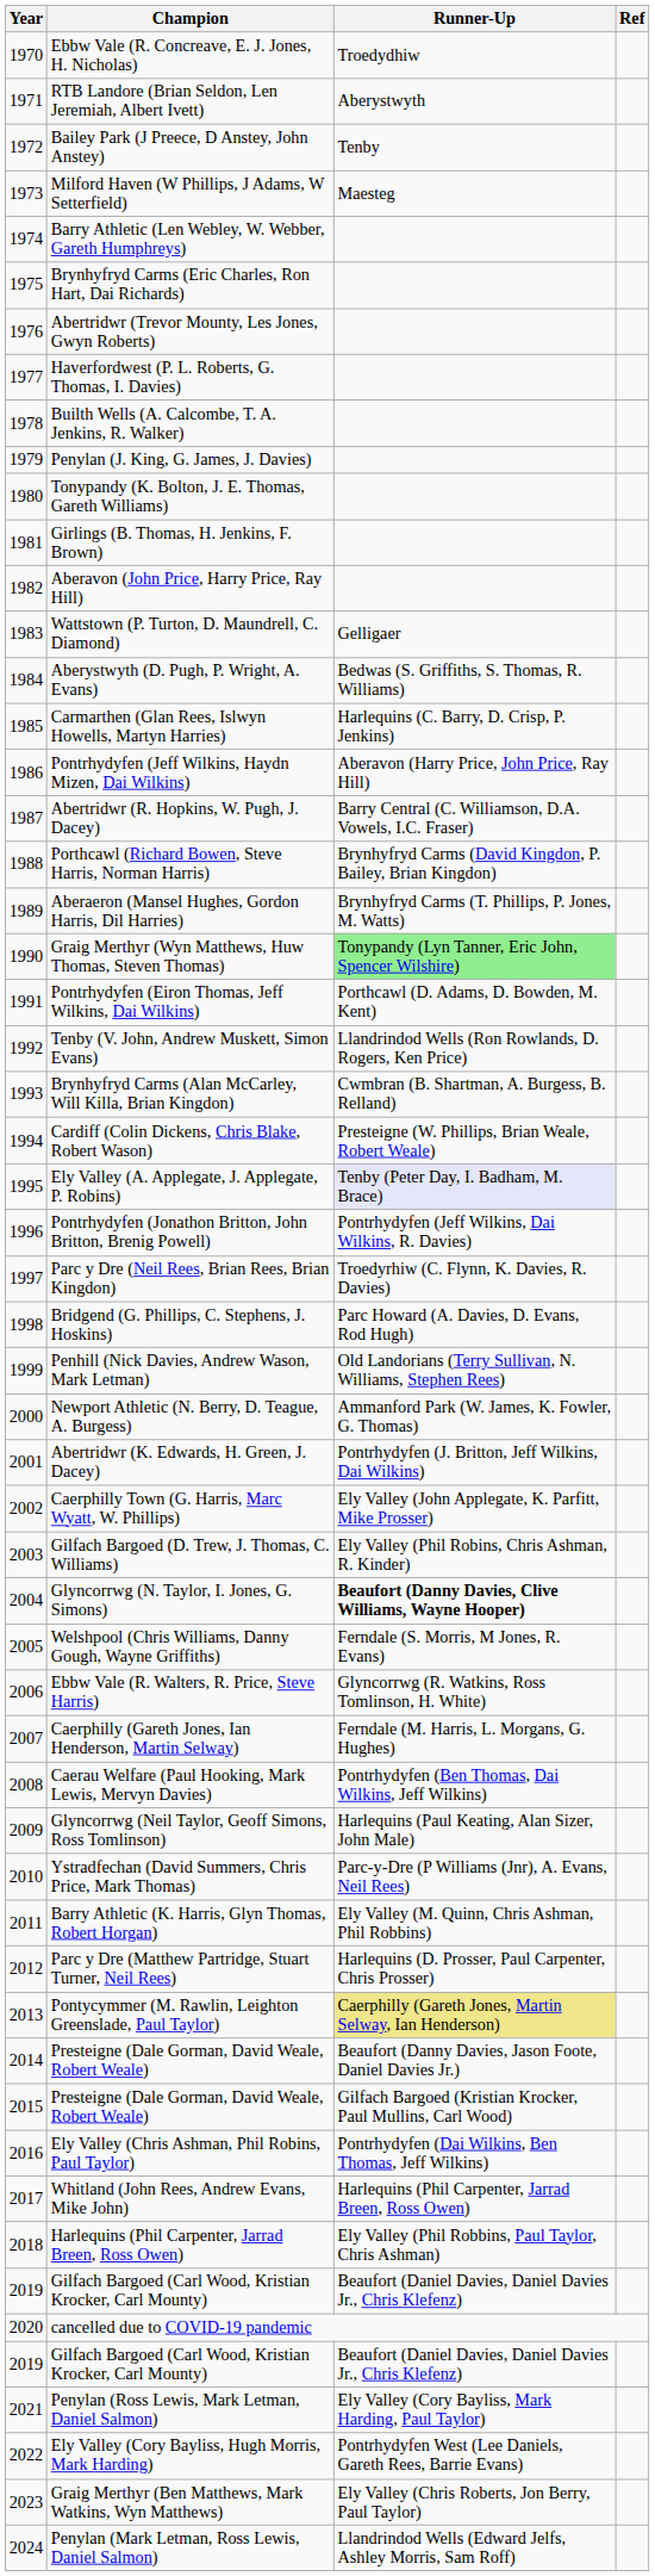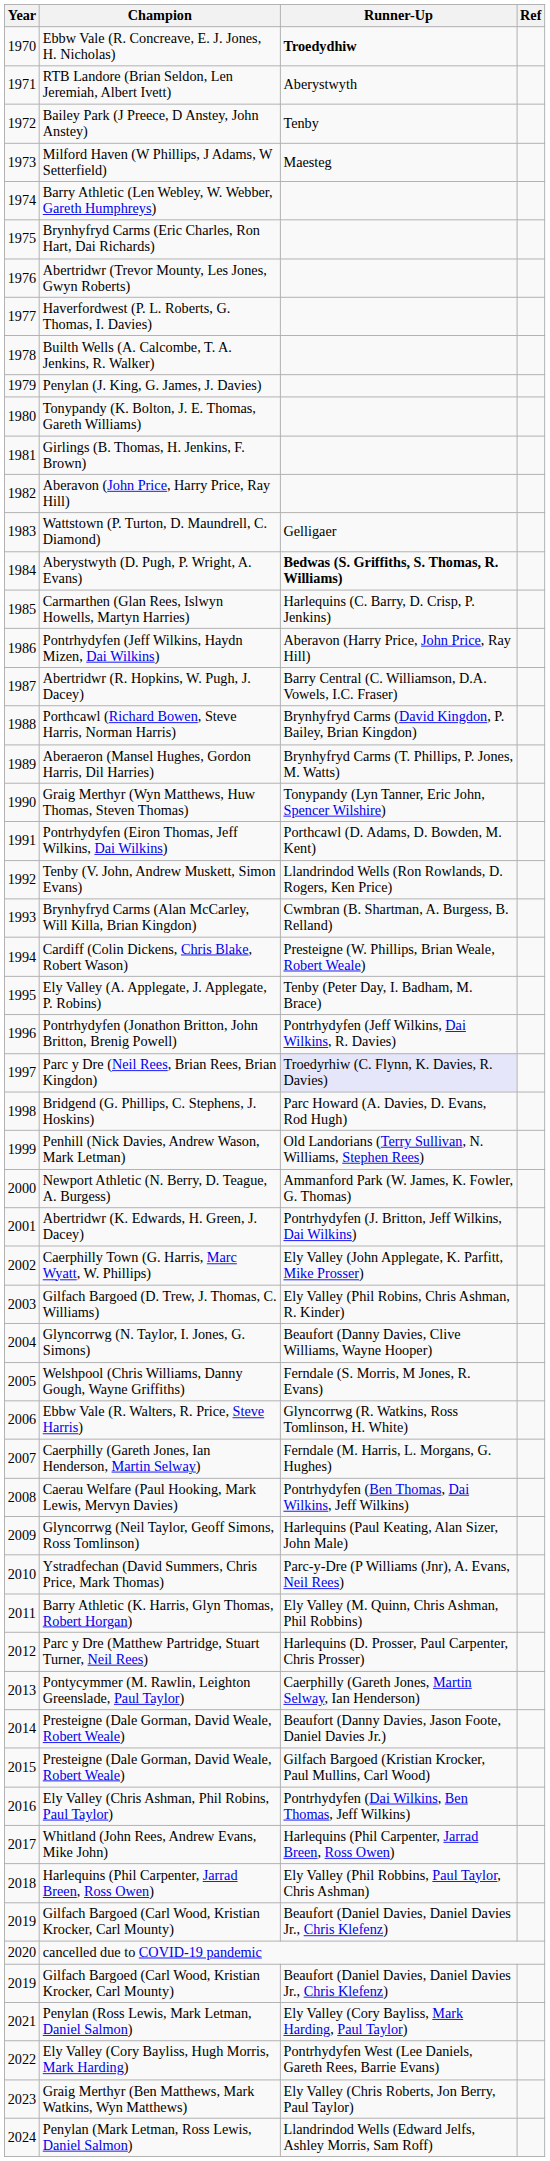 <table class="wikitable">
 <tr>
 <th width="30">Year</th>
 <th width="500">Champion</th>
 <th width="500">Runner-Up</th>
 <th width="20">Ref</th>
 </tr>
 <tr>
 <td align=center>1970</td>
 <td>Ebbw Vale (R. Concreave, E. J. Jones, H. Nicholas)</td>
-<td>Troedydhiw</td>
+<td><strong>Troedydhiw</strong></td>
 <td></td>
 </tr>
 <tr>
 <td align=center>1971</td>
 <td>RTB Landore (Brian Seldon, Len Jeremiah, Albert Ivett)</td>
 <td>Aberystwyth</td>
 <td></td>
 </tr>
 <tr>
 <td align=center>1972</td>
 <td>Bailey Park (J Preece, D Anstey, John Anstey)</td>
 <td>Tenby</td>
 <td></td>
 </tr>
 <tr>
 <td align=center>1973</td>
 <td>Milford Haven (W Phillips, J Adams, W Setterfield)</td>
 <td>Maesteg</td>
 <td></td>
 </tr>
 <tr>
 <td align=center>1974</td>
 <td>Barry Athletic (Len Webley, W. Webber, <a href='#'>Gareth Humphreys</a>)</td>
 <td></td>
 <td></td>
 </tr>
 <tr>
 <td align=center>1975</td>
 <td>Brynhyfryd Carms (Eric Charles, Ron Hart, Dai Richards)</td>
 <td></td>
 <td></td>
 </tr>
 <tr>
 <td align=center>1976</td>
 <td>Abertridwr (Trevor Mounty, Les Jones, Gwyn Roberts)</td>
 <td></td>
 <td></td>
 </tr>
 <tr>
 <td align=center>1977</td>
 <td>Haverfordwest (P. L. Roberts, G. Thomas, I. Davies)</td>
 <td></td>
 <td></td>
 </tr>
 <tr>
 <td align=center>1978</td>
 <td>Builth Wells (A. Calcombe, T. A. Jenkins, R. Walker)</td>
 <td></td>
 <td></td>
 </tr>
 <tr>
 <td align=center>1979</td>
 <td>Penylan (J. King, G. James, J. Davies)</td>
 <td></td>
 <td></td>
 </tr>
 <tr>
 <td align=center>1980</td>
 <td>Tonypandy (K. Bolton, J. E. Thomas, Gareth Williams)</td>
 <td></td>
 <td></td>
 </tr>
 <tr>
 <td align=center>1981</td>
 <td>Girlings (B. Thomas, H. Jenkins, F. Brown)</td>
 <td></td>
 <td></td>
 </tr>
 <tr>
 <td align=center>1982</td>
 <td>Aberavon (<a href='#'>John Price</a>, Harry Price, Ray Hill)</td>
 <td></td>
 <td></td>
 </tr>
 <tr>
 <td align=center>1983</td>
 <td>Wattstown (P. Turton, D. Maundrell, C. Diamond)</td>
 <td>Gelligaer</td>
 <td></td>
 </tr>
 <tr>
 <td align=center>1984</td>
 <td>Aberystwyth (D. Pugh, P. Wright, A. Evans)</td>
-<td>Bedwas (S. Griffiths, S. Thomas, R. Williams)</td>
+<td><strong>Bedwas (S. Griffiths, S. Thomas, R. Williams)</strong></td>
 <td></td>
 </tr>
 <tr>
 <td align=center>1985</td>
 <td>Carmarthen (Glan Rees, Islwyn Howells, Martyn Harries)</td>
 <td>Harlequins (C. Barry, D. Crisp, P. Jenkins)</td>
 <td></td>
 </tr>
 <tr>
 <td align=center>1986</td>
 <td>Pontrhydyfen (Jeff Wilkins, Haydn Mizen, <a href='#'>Dai Wilkins</a>)</td>
 <td>Aberavon (Harry Price, <a href='#'>John Price</a>, Ray Hill)</td>
 <td></td>
 </tr>
 <tr>
 <td align=center>1987</td>
 <td>Abertridwr (R. Hopkins, W. Pugh, J. Dacey)</td>
 <td>Barry Central (C. Williamson, D.A. Vowels, I.C. Fraser)</td>
 <td></td>
 </tr>
 <tr>
 <td align=center>1988</td>
 <td>Porthcawl (<a href='#'>Richard Bowen</a>, Steve Harris, Norman Harris)</td>
 <td>Brynhyfryd Carms (<a href='#'>David Kingdon</a>, P. Bailey, Brian Kingdon)</td>
 <td></td>
 </tr>
 <tr>
 <td align=center>1989</td>
 <td>Aberaeron (Mansel Hughes, Gordon Harris, Dil Harries)</td>
 <td>Brynhyfryd Carms (T. Phillips, P. Jones, M. Watts)</td>
 <td></td>
 </tr>
 <tr>
 <td align=center>1990</td>
 <td>Graig Merthyr (Wyn Matthews, Huw Thomas, Steven Thomas)</td>
-<td style="background: lightgreen;">Tonypandy (Lyn Tanner, Eric John, <a href='#'>Spencer Wilshire</a>)</td>
+<td>Tonypandy (Lyn Tanner, Eric John, <a href='#'>Spencer Wilshire</a>)</td>
 <td></td>
 </tr>
 <tr>
 <td align=center>1991</td>
 <td>Pontrhydyfen (Eiron Thomas, Jeff Wilkins, <a href='#'>Dai Wilkins</a>)</td>
 <td>Porthcawl (D. Adams, D. Bowden, M. Kent)</td>
 <td></td>
 </tr>
 <tr>
 <td align=center>1992</td>
 <td>Tenby (V. John, Andrew Muskett, Simon Evans)</td>
 <td>Llandrindod Wells (Ron Rowlands, D. Rogers, Ken Price)</td>
 <td></td>
 </tr>
 <tr>
 <td align=center>1993</td>
 <td>Brynhyfryd Carms (Alan McCarley, Will Killa, Brian Kingdon)</td>
 <td>Cwmbran (B. Shartman, A. Burgess, B. Relland)</td>
 <td></td>
 </tr>
 <tr>
 <td align=center>1994</td>
 <td>Cardiff (Colin Dickens, <a href='#'>Chris Blake</a>, Robert Wason)</td>
 <td>Presteigne (W. Phillips, Brian Weale, <a href='#'>Robert Weale</a>)</td>
 <td></td>
 </tr>
 <tr>
 <td align=center>1995</td>
 <td>Ely Valley (A. Applegate, J. Applegate, P. Robins)</td>
-<td style="background: lavender;">Tenby (Peter Day, I. Badham, M. Brace)</td>
+<td>Tenby (Peter Day, I. Badham, M. Brace)</td>
 <td></td>
 </tr>
 <tr>
 <td align=center>1996</td>
 <td>Pontrhydyfen (Jonathon Britton, John Britton, Brenig Powell)</td>
 <td>Pontrhydyfen (Jeff Wilkins, <a href='#'>Dai Wilkins</a>, R. Davies)</td>
 <td></td>
 </tr>
 <tr>
 <td align=center>1997</td>
 <td>Parc y Dre (<a href='#'>Neil Rees</a>, Brian Rees, Brian Kingdon)</td>
-<td>Troedyrhiw (C. Flynn, K. Davies, R. Davies)</td>
+<td style="background: lavender;">Troedyrhiw (C. Flynn, K. Davies, R. Davies)</td>
 <td></td>
 </tr>
 <tr>
 <td align=center>1998</td>
 <td>Bridgend (G. Phillips, C. Stephens, J. Hoskins)</td>
 <td>Parc Howard (A. Davies, D. Evans, Rod Hugh)</td>
 <td></td>
 </tr>
 <tr>
 <td align=center>1999</td>
 <td>Penhill (Nick Davies, Andrew Wason, Mark Letman)</td>
 <td>Old Landorians (<a href='#'>Terry Sullivan</a>, N. Williams, <a href='#'>Stephen Rees</a>)</td>
 <td></td>
 </tr>
 <tr>
 <td align=center>2000</td>
 <td>Newport Athletic (N. Berry, D. Teague, A. Burgess)</td>
 <td>Ammanford Park (W. James, K. Fowler, G. Thomas)</td>
 <td></td>
 </tr>
 <tr>
 <td align=center>2001</td>
 <td>Abertridwr (K. Edwards, H. Green, J. Dacey)</td>
 <td>Pontrhydyfen (J. Britton, Jeff Wilkins, <a href='#'>Dai Wilkins</a>)</td>
 <td></td>
 </tr>
 <tr>
 <td align=center>2002</td>
 <td>Caerphilly Town (G. Harris, <a href='#'>Marc Wyatt</a>, W. Phillips)</td>
 <td>Ely Valley (John Applegate, K. Parfitt, <a href='#'>Mike Prosser</a>)</td>
 <td></td>
 </tr>
 <tr>
 <td align=center>2003</td>
 <td>Gilfach Bargoed  (D. Trew, J. Thomas, C. Williams)</td>
 <td>Ely Valley (Phil Robins, Chris Ashman, R. Kinder)</td>
 <td></td>
 </tr>
 <tr>
 <td align=center>2004</td>
 <td>Glyncorrwg (N. Taylor, I. Jones, G. Simons)</td>
-<td><strong>Beaufort (Danny Davies, Clive Williams, Wayne Hooper)</strong></td>
+<td>Beaufort (Danny Davies, Clive Williams, Wayne Hooper)</td>
 <td></td>
 </tr>
 <tr>
 <td align=center>2005</td>
 <td>Welshpool (Chris Williams, Danny Gough, Wayne Griffiths)</td>
 <td>Ferndale  (S. Morris, M Jones, R. Evans)</td>
 <td></td>
 </tr>
 <tr>
 <td align=center>2006</td>
 <td>Ebbw Vale (R. Walters, R. Price, <a href='#'>Steve Harris</a>)</td>
 <td>Glyncorrwg (R. Watkins, Ross Tomlinson, H. White)</td>
 <td></td>
 </tr>
 <tr>
 <td align=center>2007</td>
 <td>Caerphilly (Gareth Jones, Ian Henderson, <a href='#'>Martin Selway</a>)</td>
 <td>Ferndale (M. Harris, L. Morgans, G. Hughes)</td>
 <td></td>
 </tr>
 <tr>
 <td align=center>2008</td>
 <td>Caerau Welfare (Paul Hooking, Mark Lewis, Mervyn Davies)</td>
 <td>Pontrhydyfen (<a href='#'>Ben Thomas</a>, <a href='#'>Dai Wilkins</a>, Jeff Wilkins)</td>
 <td></td>
 </tr>
 <tr>
 <td align=center>2009</td>
 <td>Glyncorrwg (Neil Taylor, Geoff Simons, Ross Tomlinson)</td>
 <td>Harlequins (Paul Keating, Alan Sizer, John Male)</td>
 <td></td>
 </tr>
 <tr>
 <td align=center>2010</td>
 <td>Ystradfechan (David Summers, Chris Price, Mark Thomas)</td>
 <td>Parc-y-Dre (P Williams (Jnr), A. Evans, <a href='#'>Neil Rees</a>)</td>
 <td></td>
 </tr>
 <tr>
 <td align=center>2011</td>
 <td>Barry Athletic (K. Harris, Glyn Thomas, <a href='#'>Robert Horgan</a>)</td>
 <td>Ely Valley (M. Quinn, Chris Ashman, Phil Robbins)</td>
 <td></td>
 </tr>
 <tr>
 <td align=center>2012</td>
 <td>Parc y Dre (Matthew Partridge, Stuart Turner, <a href='#'>Neil Rees</a>)</td>
 <td>Harlequins (D. Prosser, Paul Carpenter, Chris Prosser)</td>
 <td></td>
 </tr>
 <tr>
 <td align=center>2013</td>
 <td>Pontycymmer (M. Rawlin, Leighton Greenslade, <a href='#'>Paul Taylor</a>)</td>
-<td style="background: khaki;">Caerphilly (Gareth Jones, <a href='#'>Martin Selway</a>, Ian Henderson)</td>
+<td>Caerphilly (Gareth Jones, <a href='#'>Martin Selway</a>, Ian Henderson)</td>
 <td></td>
 </tr>
 <tr>
 <td align=center>2014</td>
 <td>Presteigne (Dale Gorman, David Weale, <a href='#'>Robert Weale</a>)</td>
 <td>Beaufort (Danny Davies, Jason Foote, Daniel Davies Jr.)</td>
 <td></td>
 </tr>
 <tr>
 <td align=center>2015</td>
 <td>Presteigne (Dale Gorman, David Weale, <a href='#'>Robert Weale</a>)</td>
 <td>Gilfach Bargoed (Kristian Krocker, Paul Mullins, Carl Wood)</td>
 <td></td>
 </tr>
 <tr>
 <td align=center>2016</td>
 <td>Ely Valley (Chris Ashman, Phil Robins, <a href='#'>Paul Taylor</a>)</td>
 <td>Pontrhydyfen (<a href='#'>Dai Wilkins</a>, <a href='#'>Ben Thomas</a>, Jeff Wilkins)</td>
 <td></td>
 </tr>
 <tr>
 <td align=center>2017</td>
 <td>Whitland (John Rees, Andrew Evans, Mike John)</td>
 <td>Harlequins (Phil Carpenter, <a href='#'>Jarrad Breen</a>, <a href='#'>Ross Owen</a>)</td>
 <td></td>
 </tr>
 <tr>
 <td align=center>2018</td>
 <td>Harlequins (Phil Carpenter, <a href='#'>Jarrad Breen</a>, <a href='#'>Ross Owen</a>)</td>
 <td>Ely Valley (Phil Robbins, <a href='#'>Paul Taylor</a>, Chris Ashman)</td>
 <td></td>
 </tr>
 <tr>
 <td align=center>2019</td>
 <td>Gilfach Bargoed  (Carl Wood, Kristian Krocker, Carl Mounty)</td>
 <td>Beaufort (Daniel Davies, Daniel Davies Jr., <a href='#'>Chris Klefenz</a>)</td>
 <td></td>
 </tr>
 <tr>
 <td align=center>2020</td>
 <td colspan=3>cancelled due to  <a href='#'>COVID-19 pandemic</a></td>
 </tr>
 <tr>
 <td align=center>2019</td>
 <td>Gilfach Bargoed  (Carl Wood, Kristian Krocker, Carl Mounty)</td>
 <td>Beaufort (Daniel Davies, Daniel Davies Jr., <a href='#'>Chris Klefenz</a>)</td>
 <td></td>
 </tr>
 <tr>
 <td align=center>2021</td>
 <td>Penylan (Ross Lewis, Mark Letman, <a href='#'>Daniel Salmon</a>)</td>
 <td>Ely Valley (Cory Bayliss, <a href='#'>Mark Harding</a>, <a href='#'>Paul Taylor</a>)</td>
 <td></td>
 </tr>
 <tr>
 <td align=center>2022</td>
 <td>Ely Valley (Cory Bayliss, Hugh Morris, <a href='#'>Mark Harding</a>)</td>
 <td>Pontrhydyfen West (Lee Daniels, Gareth Rees, Barrie Evans)</td>
 <td></td>
 </tr>
 <tr>
 <td align=center>2023</td>
 <td>Graig Merthyr (Ben Matthews, Mark Watkins, Wyn Matthews)</td>
 <td>Ely Valley (Chris Roberts, Jon Berry, Paul Taylor)</td>
 <td></td>
 </tr>
 <tr>
 <td align=center>2024</td>
 <td>Penylan (Mark Letman, Ross Lewis, <a href='#'>Daniel Salmon</a>)</td>
 <td>Llandrindod Wells (Edward Jelfs, Ashley Morris, Sam Roff)</td>
 <td></td>
 </tr>
 </table>
